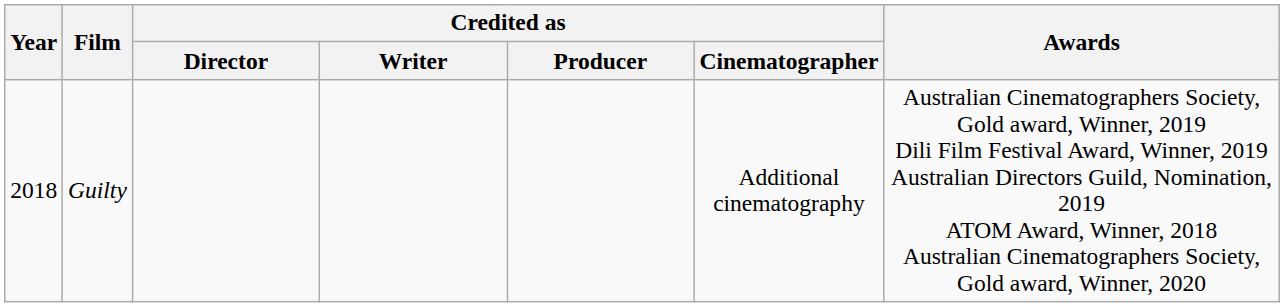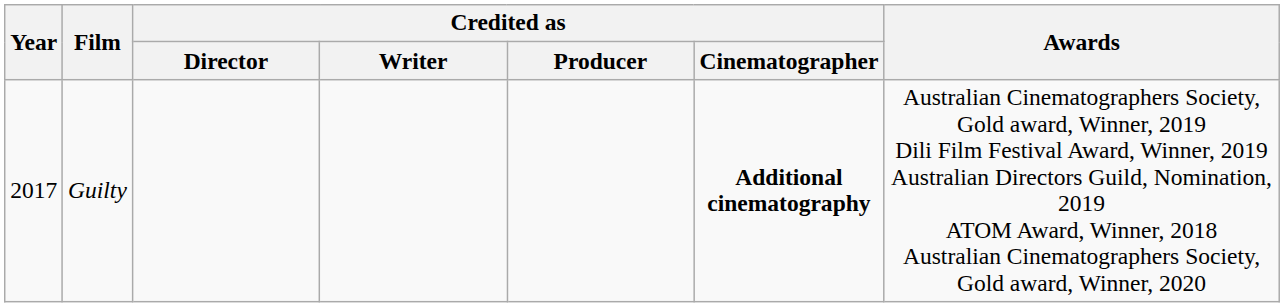 <table class="wikitable" style="text-align:center">
 <tr>
 <th rowspan="2">Year</th>
 <th rowspan="2">Film</th>
 <th colspan="4">Credited as</th>
 <th rowspan="2" style="text-align:center;">Awards</th>
 </tr>
 <tr>
 <th width=120>Director</th>
 <th width=120>Writer</th>
 <th width=120>Producer</th>
 <th width=120>Cinematographer</th>
 </tr>
 <tr style="text-align:center;">
-<td>2018</td>
+<td>2017</td>
 <td style="text-align:left;"><em>Guilty</em></td>
 <td></td>
 <td></td>
 <td></td>
-<td>Additional cinematography</td>
+<td><strong>Additional cinematography</strong></td>
 <td>Australian Cinematographers Society, Gold award, Winner, 2019<br>Dili Film Festival Award, Winner, 2019<br>Australian Directors Guild, Nomination, 2019<br>ATOM Award, Winner, 2018<br>Australian Cinematographers Society, Gold award, Winner, 2020</td>
 </tr>
 </table>
